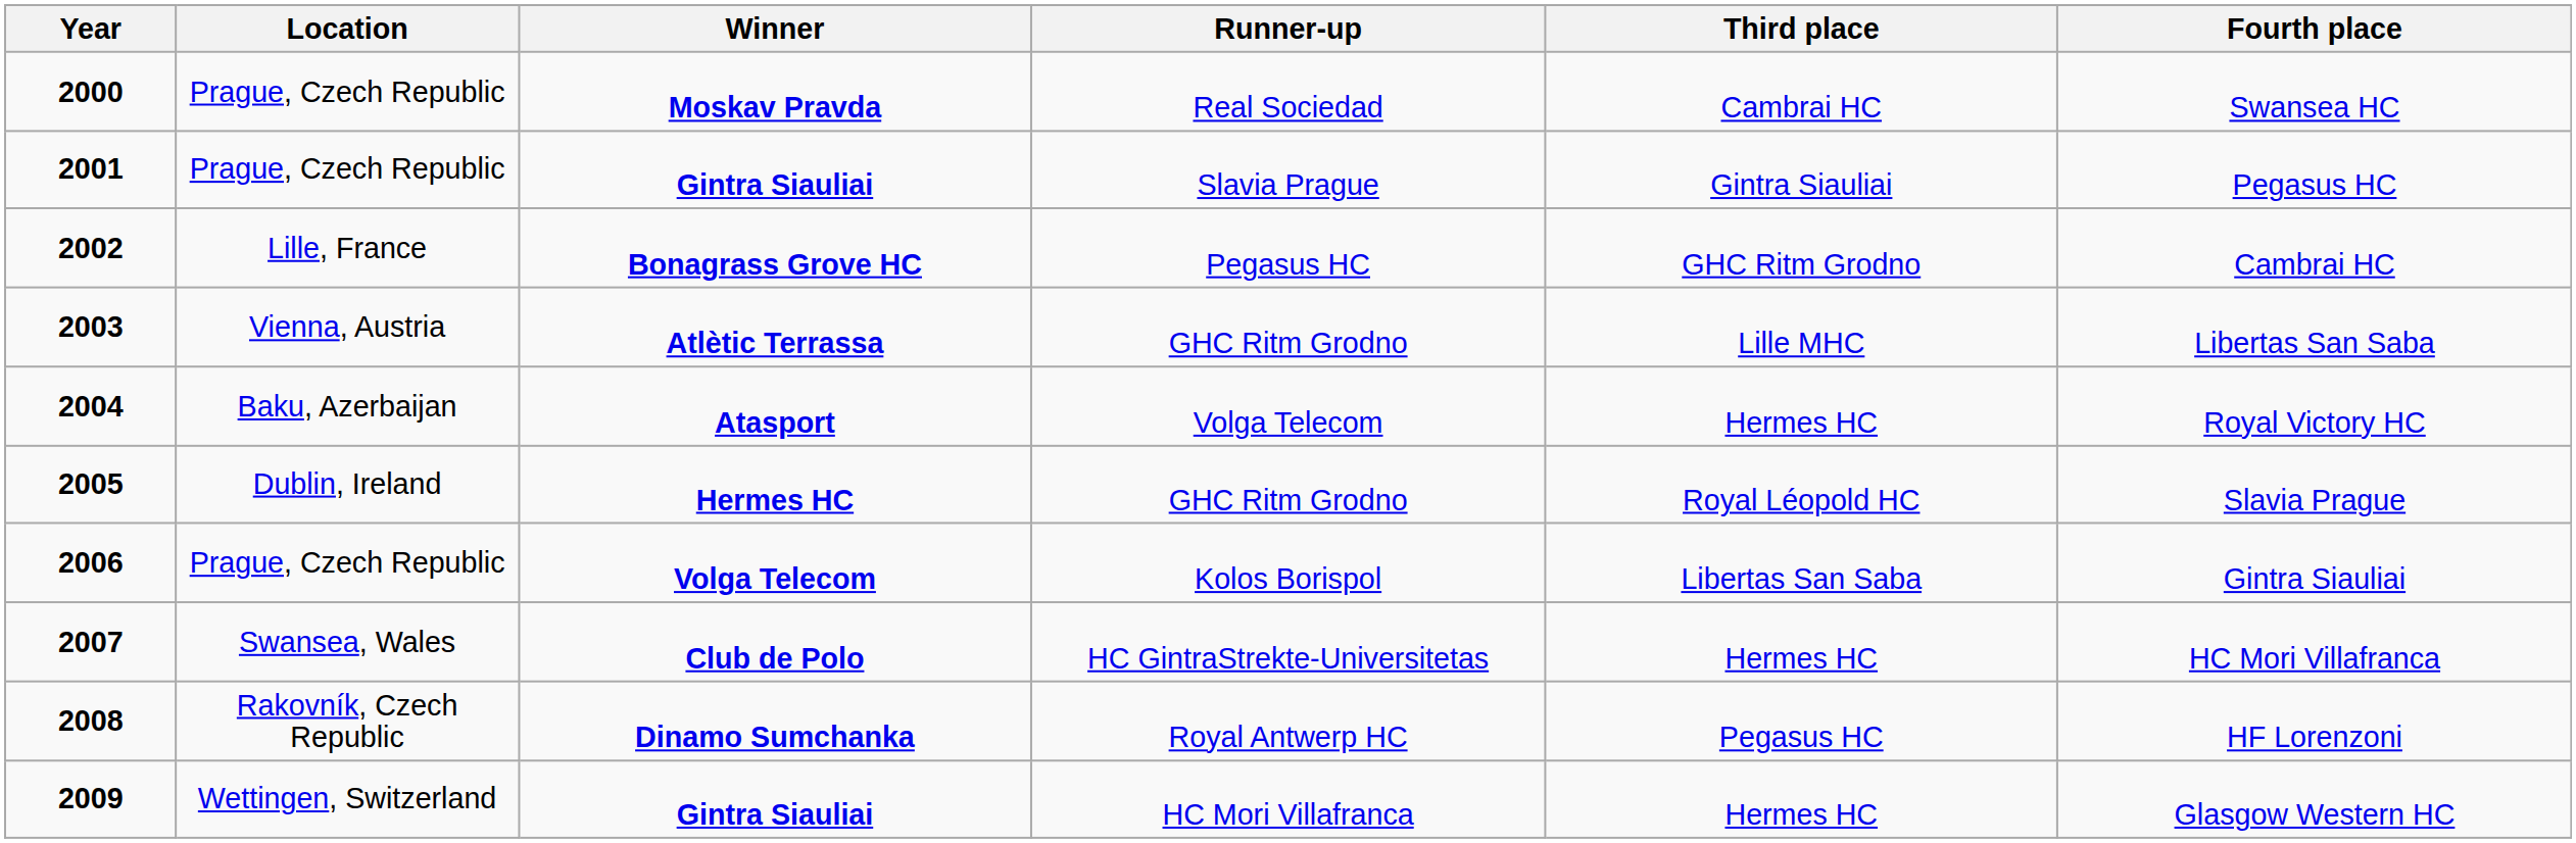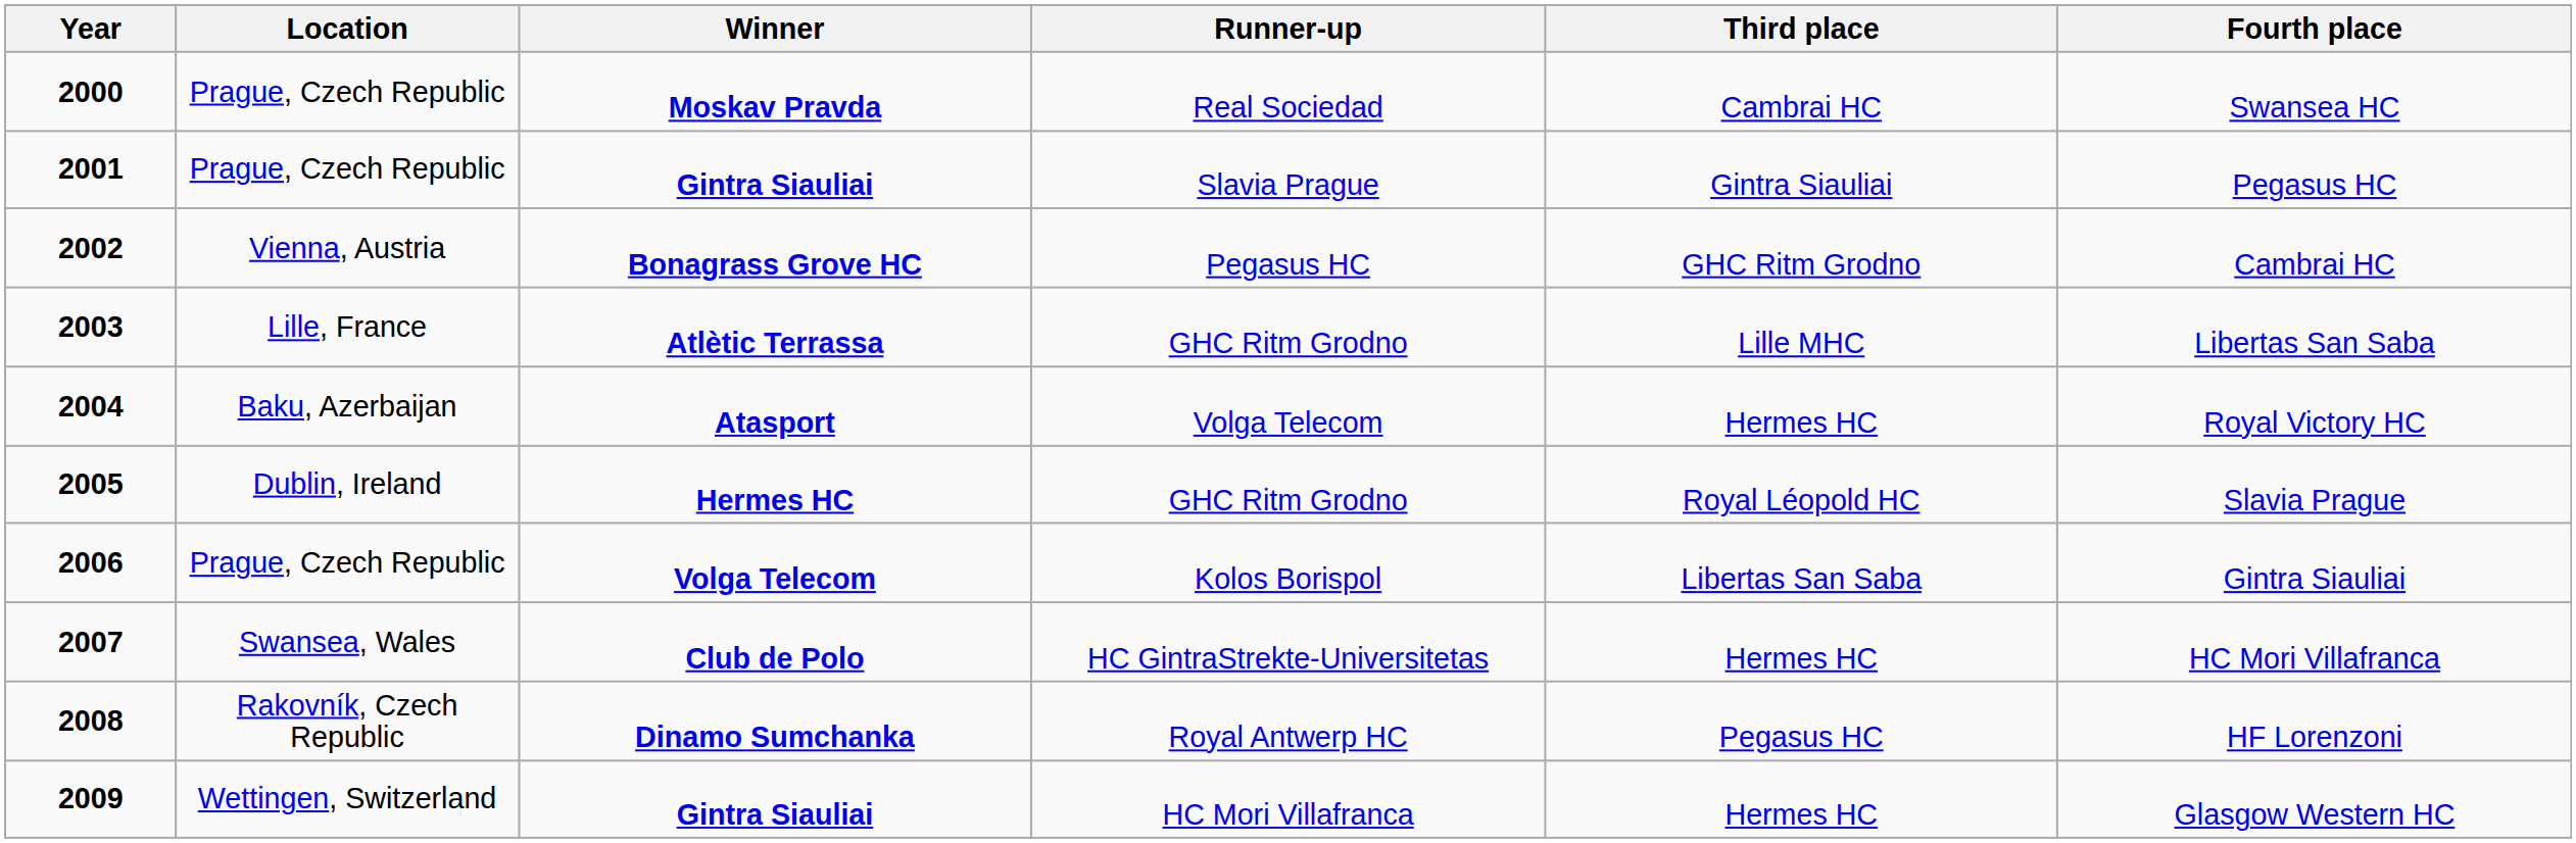 <table class="wikitable" style="font-size:90%; width: 100%; text-align: center;">
 <tr>
 <th rowspan=2 width=5%>Year</th>
 <th rowspan=2 width=10%>Location</th>
 </tr>
 <tr>
 <th width=15%>Winner</th>
 <th width=15%>Runner-up</th>
 <th width=15%>Third place</th>
 <th width=15%>Fourth place</th>
 </tr>
 <tr>
 <td><strong>2000</strong></td>
 <td><a href='#'>Prague</a>, Czech Republic</td>
 <td><strong><br><a href='#'>Moskav Pravda</a></strong></td>
 <td><br><a href='#'>Real Sociedad</a></td>
 <td><br><a href='#'>Cambrai HC</a></td>
 <td><br><a href='#'>Swansea HC</a></td>
 </tr>
 <tr>
 <td><strong>2001</strong></td>
 <td><a href='#'>Prague</a>, Czech Republic</td>
 <td><strong><br><a href='#'>Gintra Siauliai</a></strong></td>
 <td><br><a href='#'>Slavia Prague</a></td>
 <td><br><a href='#'>Gintra Siauliai</a></td>
 <td><br><a href='#'>Pegasus HC</a></td>
 </tr>
 <tr>
 <td><strong>2002</strong></td>
-<td><a href='#'>Lille</a>, France</td>
+<td><a href='#'>Vienna</a>, Austria</td>
 <td><strong><br><a href='#'>Bonagrass Grove HC</a></strong></td>
 <td><br><a href='#'>Pegasus HC</a></td>
 <td><br><a href='#'>GHC Ritm Grodno</a></td>
 <td><br><a href='#'>Cambrai HC</a></td>
 </tr>
 <tr>
 <td><strong>2003</strong></td>
-<td><a href='#'>Vienna</a>, Austria</td>
+<td><a href='#'>Lille</a>, France</td>
 <td><strong><br><a href='#'>Atlètic Terrassa</a></strong></td>
 <td><br><a href='#'>GHC Ritm Grodno</a></td>
 <td><br><a href='#'>Lille MHC</a></td>
 <td><br><a href='#'>Libertas San Saba</a></td>
 </tr>
 <tr>
 <td><strong>2004</strong></td>
 <td><a href='#'>Baku</a>, Azerbaijan</td>
 <td><strong><br><a href='#'>Atasport</a></strong></td>
 <td><br><a href='#'>Volga Telecom</a></td>
 <td><br><a href='#'>Hermes HC</a></td>
 <td><br><a href='#'>Royal Victory HC</a></td>
 </tr>
 <tr>
 <td><strong>2005</strong></td>
 <td><a href='#'>Dublin</a>, Ireland</td>
 <td><strong><br><a href='#'>Hermes HC</a></strong></td>
 <td><br><a href='#'>GHC Ritm Grodno</a></td>
 <td><br><a href='#'>Royal Léopold HC</a></td>
 <td><br><a href='#'>Slavia Prague</a></td>
 </tr>
 <tr>
 <td><strong>2006</strong></td>
 <td><a href='#'>Prague</a>, Czech Republic</td>
 <td><strong><br><a href='#'>Volga Telecom</a></strong></td>
 <td><br><a href='#'>Kolos Borispol</a></td>
 <td><br><a href='#'>Libertas San Saba</a></td>
 <td><br><a href='#'>Gintra Siauliai</a></td>
 </tr>
 <tr>
 <td><strong>2007</strong></td>
 <td><a href='#'>Swansea</a>, Wales</td>
 <td><strong><br><a href='#'>Club de Polo</a></strong></td>
 <td><br><a href='#'>HC GintraStrekte-Universitetas</a></td>
 <td><br><a href='#'>Hermes HC</a></td>
 <td><br><a href='#'>HC Mori Villafranca</a></td>
 </tr>
 <tr>
 <td><strong>2008</strong></td>
 <td><a href='#'>Rakovník</a>, Czech Republic</td>
 <td><strong><br><a href='#'>Dinamo Sumchanka</a></strong></td>
 <td><br><a href='#'>Royal Antwerp HC</a></td>
 <td><br><a href='#'>Pegasus HC</a></td>
 <td><br><a href='#'>HF Lorenzoni</a></td>
 </tr>
 <tr>
 <td><strong>2009</strong></td>
 <td><a href='#'>Wettingen</a>, Switzerland</td>
 <td><strong><br><a href='#'>Gintra Siauliai</a></strong></td>
 <td><br><a href='#'>HC Mori Villafranca</a></td>
 <td><br><a href='#'>Hermes HC</a></td>
 <td><br><a href='#'>Glasgow Western HC</a></td>
 </tr>
 </table>
